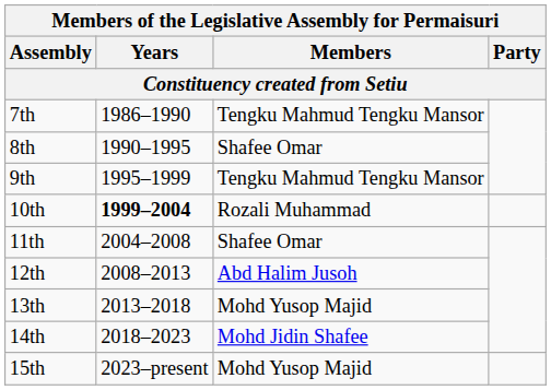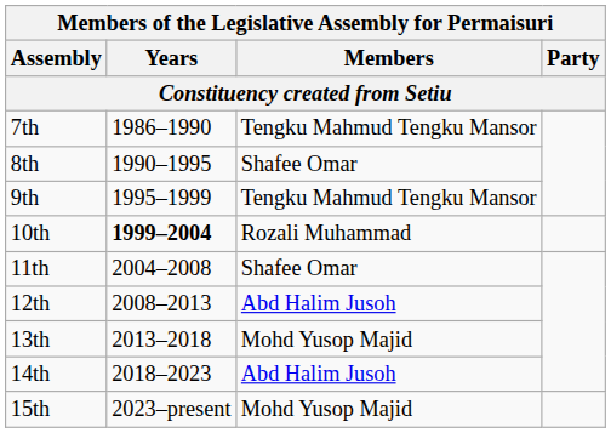 <table class="wikitable">
 <tr>
 <th colspan="4">Members of the Legislative Assembly for Permaisuri</th>
 </tr>
 <tr>
 <th>Assembly</th>
 <th>Years</th>
 <th>Members</th>
 <th>Party</th>
 </tr>
 <tr>
 <th colspan="4"><em>Constituency created from Setiu</em></th>
 </tr>
 <tr>
 <td>7th</td>
 <td>1986–1990</td>
 <td>Tengku Mahmud Tengku Mansor</td>
 <td rowspan="3"></td>
 </tr>
 <tr>
 <td>8th</td>
 <td>1990–1995</td>
 <td>Shafee Omar</td>
 </tr>
 <tr>
 <td>9th</td>
 <td>1995–1999</td>
 <td>Tengku Mahmud Tengku Mansor</td>
 </tr>
 <tr>
 <td>10th</td>
 <td><strong>1999–2004</strong></td>
 <td>Rozali Muhammad</td>
 <td></td>
 </tr>
 <tr>
 <td>11th</td>
 <td>2004–2008</td>
 <td>Shafee Omar</td>
 <td rowspan="4"></td>
 </tr>
 <tr>
 <td>12th</td>
 <td>2008–2013</td>
 <td><a href='#'>Abd Halim Jusoh</a></td>
 </tr>
 <tr>
 <td>13th</td>
 <td>2013–2018</td>
 <td>Mohd Yusop Majid</td>
 </tr>
 <tr>
 <td>14th</td>
 <td>2018–2023</td>
-<td><a href='#'>Mohd Jidin Shafee</a></td>
+<td><a href='#'>Abd Halim Jusoh</a></td>
 </tr>
 <tr>
 <td>15th</td>
 <td>2023–present</td>
 <td>Mohd Yusop Majid</td>
 <td></td>
 </tr>
 </table>
